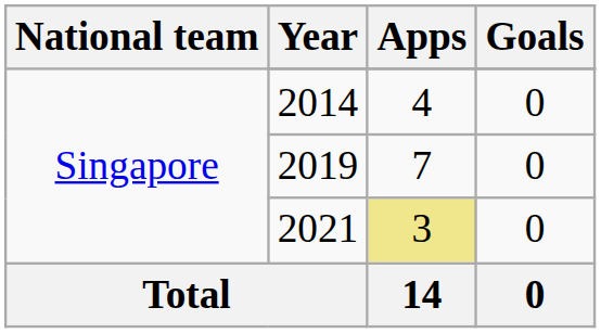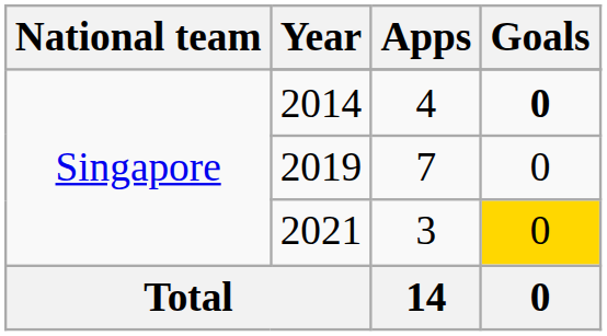 <table class="wikitable" style="text-align:center">
 <tr>
 <th>National team</th>
 <th>Year</th>
 <th>Apps</th>
 <th>Goals</th>
 </tr>
 <tr>
 <td rowspan="4"><a href='#'>Singapore</a></td>
 </tr>
 <tr>
 <td>2014</td>
 <td>4</td>
-<td>0</td>
+<td><strong>0</strong></td>
 </tr>
 <tr>
 <td>2019</td>
 <td>7</td>
 <td>0</td>
 </tr>
 <tr>
 <td>2021</td>
-<td style="background: khaki;">3</td>
-<td>0</td>
+<td>3</td>
+<td style="background: gold;">0</td>
 </tr>
 <tr>
 <th colspan="2">Total</th>
 <th>14</th>
 <th>0</th>
 </tr>
 </table>
